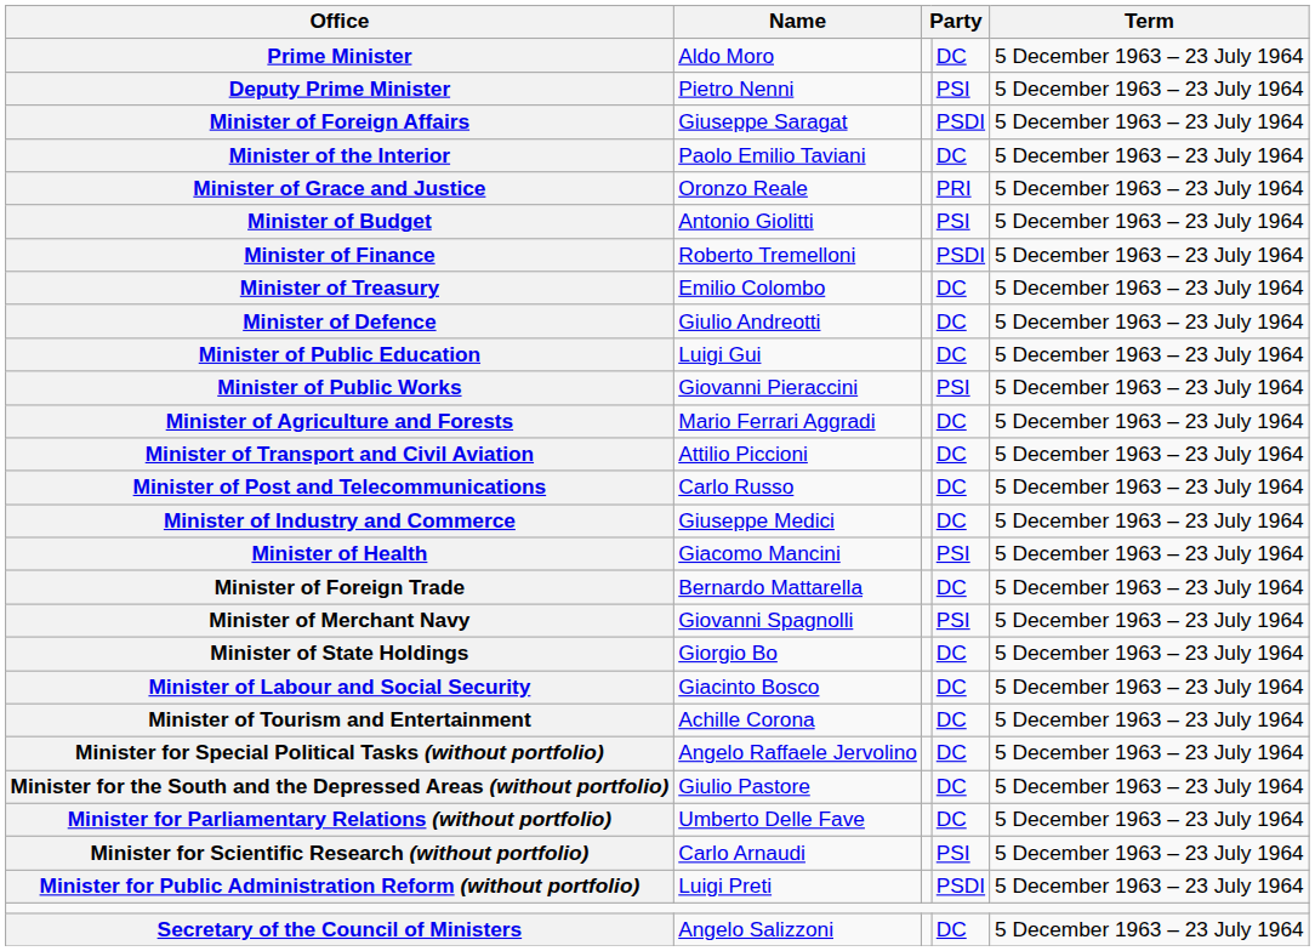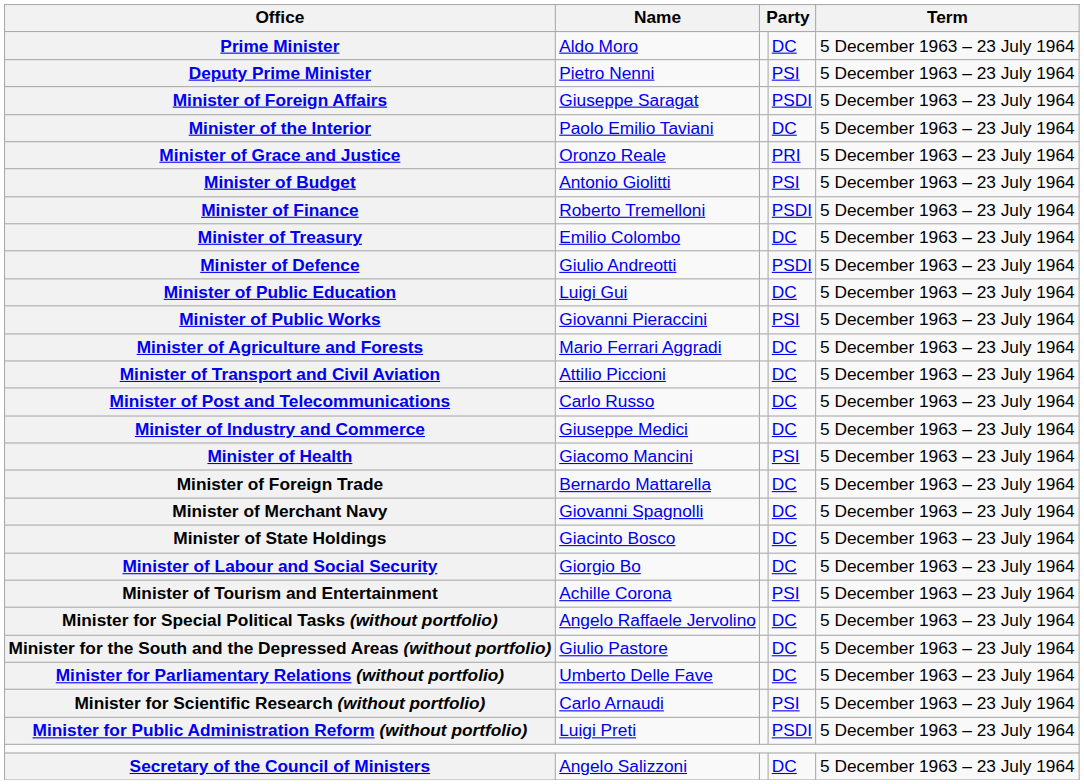 <table class="wikitable" style="font-size: 100%;">
 <tr>
 <th>Office</th>
 <th>Name</th>
 <th colspan=2>Party</th>
 <th>Term</th>
 </tr>
 <tr>
 <th><a href='#'>Prime Minister</a></th>
 <td><a href='#'>Aldo Moro</a></td>
 <td style="color:inherit;background:"></td>
 <td><a href='#'>DC</a></td>
 <td>5 December 1963 – 23 July 1964</td>
 </tr>
 <tr>
 <th><a href='#'>Deputy Prime Minister</a></th>
 <td><a href='#'>Pietro Nenni</a></td>
 <td style="color:inherit;background:"></td>
 <td><a href='#'>PSI</a></td>
 <td>5 December 1963 – 23 July 1964</td>
 </tr>
 <tr>
 <th><a href='#'>Minister of Foreign Affairs</a></th>
 <td><a href='#'>Giuseppe Saragat</a></td>
 <td style="color:inherit;background:"></td>
 <td><a href='#'>PSDI</a></td>
 <td>5 December 1963 – 23 July 1964</td>
 </tr>
 <tr>
 <th><a href='#'>Minister of the Interior</a></th>
 <td><a href='#'>Paolo Emilio Taviani</a></td>
 <td style="color:inherit;background:"></td>
 <td><a href='#'>DC</a></td>
 <td>5 December 1963 – 23 July 1964</td>
 </tr>
 <tr>
 <th><a href='#'>Minister of Grace and Justice</a></th>
 <td><a href='#'>Oronzo Reale</a></td>
 <td style="color:inherit;background:"></td>
 <td><a href='#'>PRI</a></td>
 <td>5 December 1963 – 23 July 1964</td>
 </tr>
 <tr>
 <th><a href='#'>Minister of Budget</a></th>
 <td><a href='#'>Antonio Giolitti</a></td>
 <td style="color:inherit;background:"></td>
 <td><a href='#'>PSI</a></td>
 <td>5 December 1963 – 23 July 1964</td>
 </tr>
 <tr>
 <th><a href='#'>Minister of Finance</a></th>
 <td><a href='#'>Roberto Tremelloni</a></td>
 <td style="color:inherit;background:"></td>
 <td><a href='#'>PSDI</a></td>
 <td>5 December 1963 – 23 July 1964</td>
 </tr>
 <tr>
 <th><a href='#'>Minister of Treasury</a></th>
 <td><a href='#'>Emilio Colombo</a></td>
 <td style="color:inherit;background:"></td>
 <td><a href='#'>DC</a></td>
 <td>5 December 1963 – 23 July 1964</td>
 </tr>
 <tr>
 <th><a href='#'>Minister of Defence</a></th>
 <td><a href='#'>Giulio Andreotti</a></td>
 <td style="color:inherit;background:"></td>
-<td><a href='#'>DC</a></td>
+<td><a href='#'>PSDI</a></td>
 <td>5 December 1963 – 23 July 1964</td>
 </tr>
 <tr>
 <th><a href='#'>Minister of Public Education</a></th>
 <td><a href='#'>Luigi Gui</a></td>
 <td style="color:inherit;background:"></td>
 <td><a href='#'>DC</a></td>
 <td>5 December 1963 – 23 July 1964</td>
 </tr>
 <tr>
 <th><a href='#'>Minister of Public Works</a></th>
 <td><a href='#'>Giovanni Pieraccini</a></td>
 <td style="color:inherit;background:"></td>
 <td><a href='#'>PSI</a></td>
 <td>5 December 1963 – 23 July 1964</td>
 </tr>
 <tr>
 <th><a href='#'>Minister of Agriculture and Forests</a></th>
 <td><a href='#'>Mario Ferrari Aggradi</a></td>
 <td style="color:inherit;background:"></td>
 <td><a href='#'>DC</a></td>
 <td>5 December 1963 – 23 July 1964</td>
 </tr>
 <tr>
 <th><a href='#'>Minister of Transport and Civil Aviation</a></th>
 <td><a href='#'>Attilio Piccioni</a></td>
 <td style="color:inherit;background:"></td>
 <td><a href='#'>DC</a></td>
 <td>5 December 1963 – 23 July 1964</td>
 </tr>
 <tr>
 <th><a href='#'>Minister of Post and Telecommunications</a></th>
 <td><a href='#'>Carlo Russo</a></td>
 <td style="color:inherit;background:"></td>
 <td><a href='#'>DC</a></td>
 <td>5 December 1963 – 23 July 1964</td>
 </tr>
 <tr>
 <th><a href='#'>Minister of Industry and Commerce</a></th>
 <td><a href='#'>Giuseppe Medici</a></td>
 <td style="color:inherit;background:"></td>
 <td><a href='#'>DC</a></td>
 <td>5 December 1963 – 23 July 1964</td>
 </tr>
 <tr>
 <th><a href='#'>Minister of Health</a></th>
 <td><a href='#'>Giacomo Mancini</a></td>
 <td style="color:inherit;background:"></td>
 <td><a href='#'>PSI</a></td>
 <td>5 December 1963 – 23 July 1964</td>
 </tr>
 <tr>
 <th>Minister of Foreign Trade</th>
 <td><a href='#'>Bernardo Mattarella</a></td>
 <td style="color:inherit;background:"></td>
 <td><a href='#'>DC</a></td>
 <td>5 December 1963 – 23 July 1964</td>
 </tr>
 <tr>
 <th>Minister of Merchant Navy</th>
 <td><a href='#'>Giovanni Spagnolli</a></td>
 <td style="color:inherit;background:"></td>
-<td><a href='#'>PSI</a></td>
+<td><a href='#'>DC</a></td>
 <td>5 December 1963 – 23 July 1964</td>
 </tr>
 <tr>
 <th>Minister of State Holdings</th>
-<td><a href='#'>Giorgio Bo</a></td>
+<td><a href='#'>Giacinto Bosco</a></td>
 <td style="color:inherit;background:"></td>
 <td><a href='#'>DC</a></td>
 <td>5 December 1963 – 23 July 1964</td>
 </tr>
 <tr>
 <th><a href='#'>Minister of Labour and Social Security</a></th>
-<td><a href='#'>Giacinto Bosco</a></td>
+<td><a href='#'>Giorgio Bo</a></td>
 <td style="color:inherit;background:"></td>
 <td><a href='#'>DC</a></td>
 <td>5 December 1963 – 23 July 1964</td>
 </tr>
 <tr>
 <th>Minister of Tourism and Entertainment</th>
 <td><a href='#'>Achille Corona</a></td>
 <td style="color:inherit;background:"></td>
-<td><a href='#'>DC</a></td>
+<td><a href='#'>PSI</a></td>
 <td>5 December 1963 – 23 July 1964</td>
 </tr>
 <tr>
 <th>Minister for Special Political Tasks <em>(without portfolio)</em></th>
 <td><a href='#'>Angelo Raffaele Jervolino</a></td>
 <td style="color:inherit;background:"></td>
 <td><a href='#'>DC</a></td>
 <td>5 December 1963 – 23 July 1964</td>
 </tr>
 <tr>
 <th>Minister for the South and the Depressed Areas <em>(without portfolio)</em></th>
 <td><a href='#'>Giulio Pastore</a></td>
 <td style="color:inherit;background:"></td>
 <td><a href='#'>DC</a></td>
 <td>5 December 1963 – 23 July 1964</td>
 </tr>
 <tr>
 <th><a href='#'>Minister for Parliamentary Relations</a> <em>(without portfolio)</em></th>
 <td><a href='#'>Umberto Delle Fave</a></td>
 <td style="color:inherit;background:"></td>
 <td><a href='#'>DC</a></td>
 <td>5 December 1963 – 23 July 1964</td>
 </tr>
 <tr>
 <th>Minister for Scientific Research <em>(without portfolio)</em></th>
 <td><a href='#'>Carlo Arnaudi</a></td>
 <td style="color:inherit;background:"></td>
 <td><a href='#'>PSI</a></td>
 <td>5 December 1963 – 23 July 1964</td>
 </tr>
 <tr>
 <th><a href='#'>Minister for Public Administration Reform</a> <em>(without portfolio)</em></th>
 <td><a href='#'>Luigi Preti</a></td>
 <td style="color:inherit;background:"></td>
 <td><a href='#'>PSDI</a></td>
 <td>5 December 1963 – 23 July 1964</td>
 </tr>
 <tr>
 <td colspan="5"></td>
 </tr>
 <tr>
 <th><a href='#'>Secretary of the Council of Ministers</a></th>
 <td><a href='#'>Angelo Salizzoni</a></td>
 <td style="color:inherit;background:"></td>
 <td><a href='#'>DC</a></td>
 <td>5 December 1963 – 23 July 1964</td>
 </tr>
 </table>
